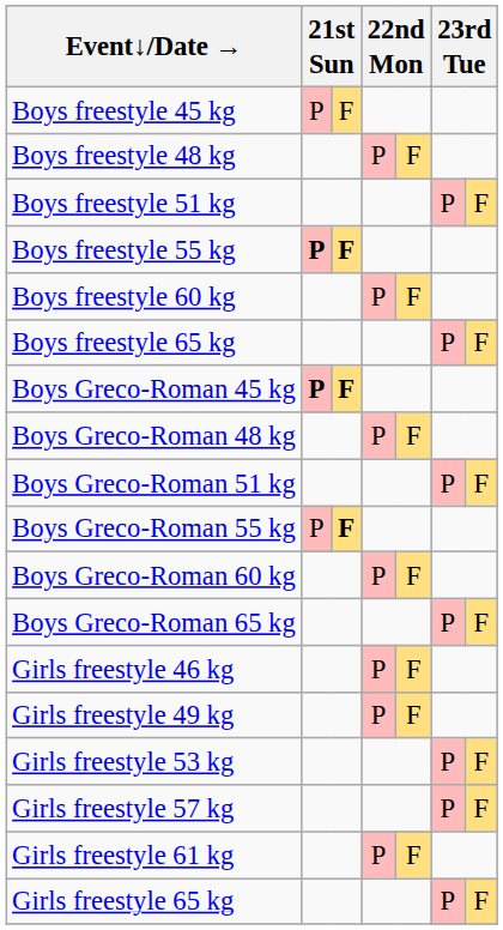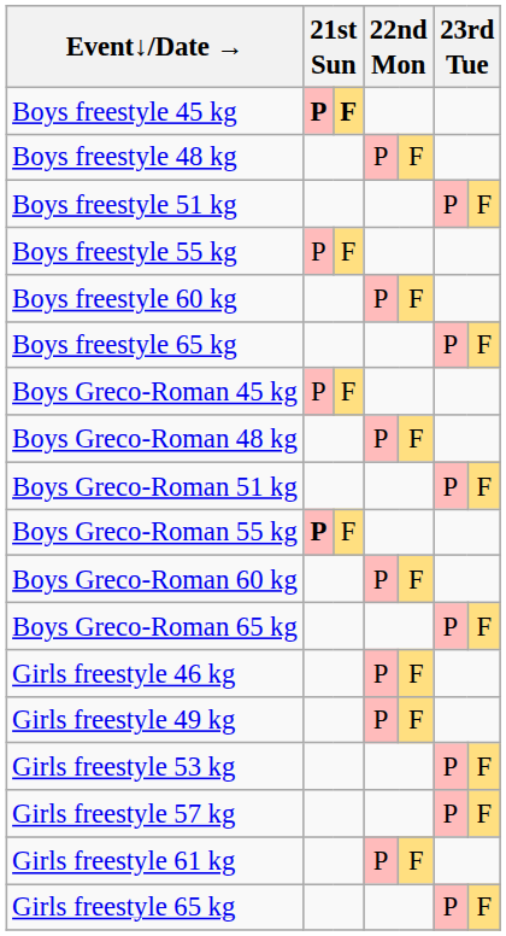 <table class="wikitable" style="margin:0.5em auto; font-size:90%; line-height:1.25em; text-align:center;">
 <tr>
 <th>Event↓/Date →</th>
 <th colspan=2>21st<br>Sun</th>
 <th colspan=2>22nd<br>Mon</th>
 <th colspan=2>23rd<br>Tue</th>
 </tr>
 <tr>
 <td align="left"><a href='#'>Boys freestyle 45 kg</a></td>
-<td bgcolor="#FFBBBB">P</td>
-<td bgcolor="#FFDF80">F</td>
+<td bgcolor="#FFBBBB"><strong>P</strong></td>
+<td bgcolor="#FFDF80"><strong>F</strong></td>
 <td colspan=2></td>
 <td colspan=2></td>
 </tr>
 <tr>
 <td align="left"><a href='#'>Boys freestyle 48 kg</a></td>
 <td colspan=2></td>
 <td bgcolor="#FFBBBB">P</td>
 <td bgcolor="#FFDF80">F</td>
 <td colspan=2></td>
 </tr>
 <tr>
 <td align="left"><a href='#'>Boys freestyle 51 kg</a></td>
 <td colspan=2></td>
 <td colspan=2></td>
 <td bgcolor="#FFBBBB">P</td>
 <td bgcolor="#FFDF80">F</td>
 </tr>
 <tr>
 <td align="left"><a href='#'>Boys freestyle 55 kg</a></td>
-<td bgcolor="#FFBBBB"><strong>P</strong></td>
-<td bgcolor="#FFDF80"><strong>F</strong></td>
+<td bgcolor="#FFBBBB">P</td>
+<td bgcolor="#FFDF80">F</td>
 <td colspan=2></td>
 <td colspan=2></td>
 </tr>
 <tr>
 <td align="left"><a href='#'>Boys freestyle 60 kg</a></td>
 <td colspan=2></td>
 <td bgcolor="#FFBBBB">P</td>
 <td bgcolor="#FFDF80">F</td>
 <td colspan=2></td>
 </tr>
 <tr>
 <td align="left"><a href='#'>Boys freestyle 65 kg</a></td>
 <td colspan=2></td>
 <td colspan=2></td>
 <td bgcolor="#FFBBBB">P</td>
 <td bgcolor="#FFDF80">F</td>
 </tr>
 <tr>
 <td align="left"><a href='#'>Boys Greco-Roman 45 kg</a></td>
-<td bgcolor="#FFBBBB"><strong>P</strong></td>
-<td bgcolor="#FFDF80"><strong>F</strong></td>
+<td bgcolor="#FFBBBB">P</td>
+<td bgcolor="#FFDF80">F</td>
 <td colspan=2></td>
 <td colspan=2></td>
 </tr>
 <tr>
 <td align="left"><a href='#'>Boys Greco-Roman 48 kg</a></td>
 <td colspan=2></td>
 <td bgcolor="#FFBBBB">P</td>
 <td bgcolor="#FFDF80">F</td>
 <td colspan=2></td>
 </tr>
 <tr>
 <td align="left"><a href='#'>Boys Greco-Roman 51 kg</a></td>
 <td colspan=2></td>
 <td colspan=2></td>
 <td bgcolor="#FFBBBB">P</td>
 <td bgcolor="#FFDF80">F</td>
 </tr>
 <tr>
 <td align="left"><a href='#'>Boys Greco-Roman 55 kg</a></td>
-<td bgcolor="#FFBBBB">P</td>
-<td bgcolor="#FFDF80"><strong>F</strong></td>
+<td bgcolor="#FFBBBB"><strong>P</strong></td>
+<td bgcolor="#FFDF80">F</td>
 <td colspan=2></td>
 <td colspan=2></td>
 </tr>
 <tr>
 <td align="left"><a href='#'>Boys Greco-Roman 60 kg</a></td>
 <td colspan=2></td>
 <td bgcolor="#FFBBBB">P</td>
 <td bgcolor="#FFDF80">F</td>
 <td colspan=2></td>
 </tr>
 <tr>
 <td align="left"><a href='#'>Boys Greco-Roman 65 kg</a></td>
 <td colspan=2></td>
 <td colspan=2></td>
 <td bgcolor="#FFBBBB">P</td>
 <td bgcolor="#FFDF80">F</td>
 </tr>
 <tr>
 <td align="left"><a href='#'>Girls freestyle 46 kg</a></td>
 <td colspan=2></td>
 <td bgcolor="#FFBBBB">P</td>
 <td bgcolor="#FFDF80">F</td>
 <td colspan=2></td>
 </tr>
 <tr>
 <td align="left"><a href='#'>Girls freestyle 49 kg</a></td>
 <td colspan=2></td>
 <td bgcolor="#FFBBBB">P</td>
 <td bgcolor="#FFDF80">F</td>
 <td colspan=2></td>
 </tr>
 <tr>
 <td align="left"><a href='#'>Girls freestyle 53 kg</a></td>
 <td colspan=2></td>
 <td colspan=2></td>
 <td bgcolor="#FFBBBB">P</td>
 <td bgcolor="#FFDF80">F</td>
 </tr>
 <tr>
 <td align="left"><a href='#'>Girls freestyle 57 kg</a></td>
 <td colspan=2></td>
 <td colspan=2></td>
 <td bgcolor="#FFBBBB">P</td>
 <td bgcolor="#FFDF80">F</td>
 </tr>
 <tr>
 <td align="left"><a href='#'>Girls freestyle 61 kg</a></td>
 <td colspan=2></td>
 <td bgcolor="#FFBBBB">P</td>
 <td bgcolor="#FFDF80">F</td>
 <td colspan=2></td>
 </tr>
 <tr>
 <td align="left"><a href='#'>Girls freestyle 65 kg</a></td>
 <td colspan=2></td>
 <td colspan=2></td>
 <td bgcolor="#FFBBBB">P</td>
 <td bgcolor="#FFDF80">F</td>
 </tr>
 </table>
